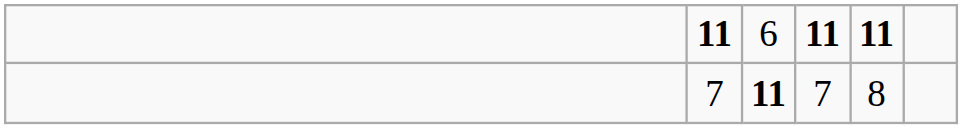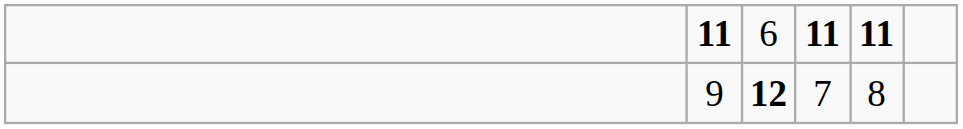 <table class="wikitable">
 <tr>
 <td style="width:18em"><strong></strong></td>
 <td align=center style="width:1em"><strong>11</strong></td>
 <td align=center style="width:1em">6</td>
 <td align=center style="width:1em"><strong>11</strong></td>
 <td align=center style="width:1em"><strong>11</strong></td>
 <td align=center style="width:1em"></td>
 </tr>
 <tr>
 <td style="width:18em"></td>
-<td align=center style="width:1em">7</td>
-<td align=center style="width:1em"><strong>11</strong></td>
+<td align=center style="width:1em">9</td>
+<td align=center style="width:1em"><strong>12</strong></td>
 <td align=center style="width:1em">7</td>
 <td align=center style="width:1em">8</td>
 <td align=center style="width:1em"></td>
 </tr>
 </table>
